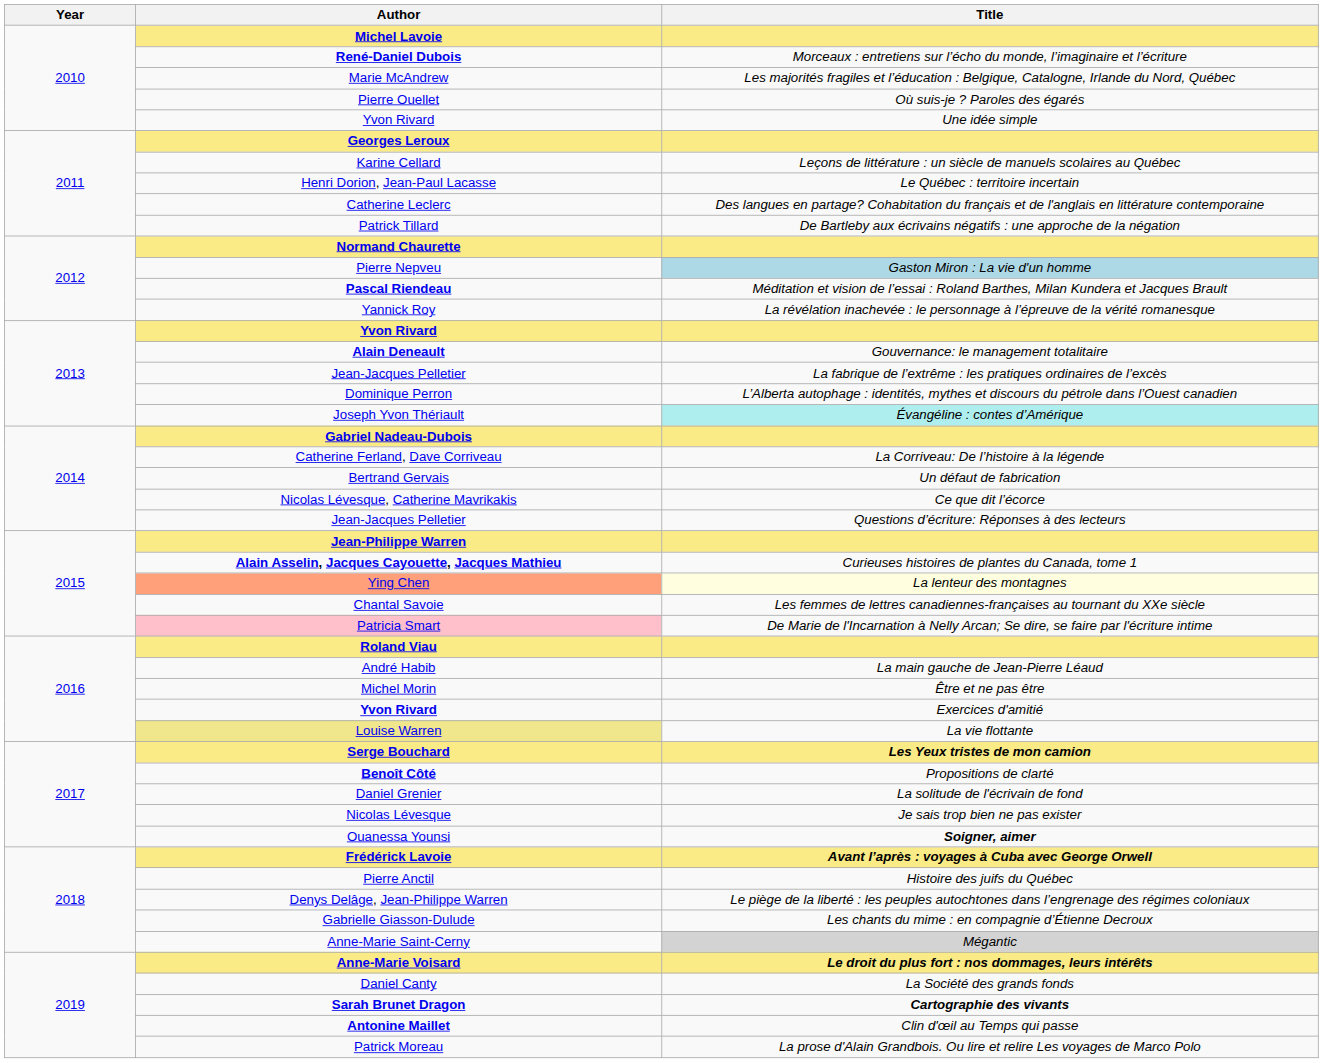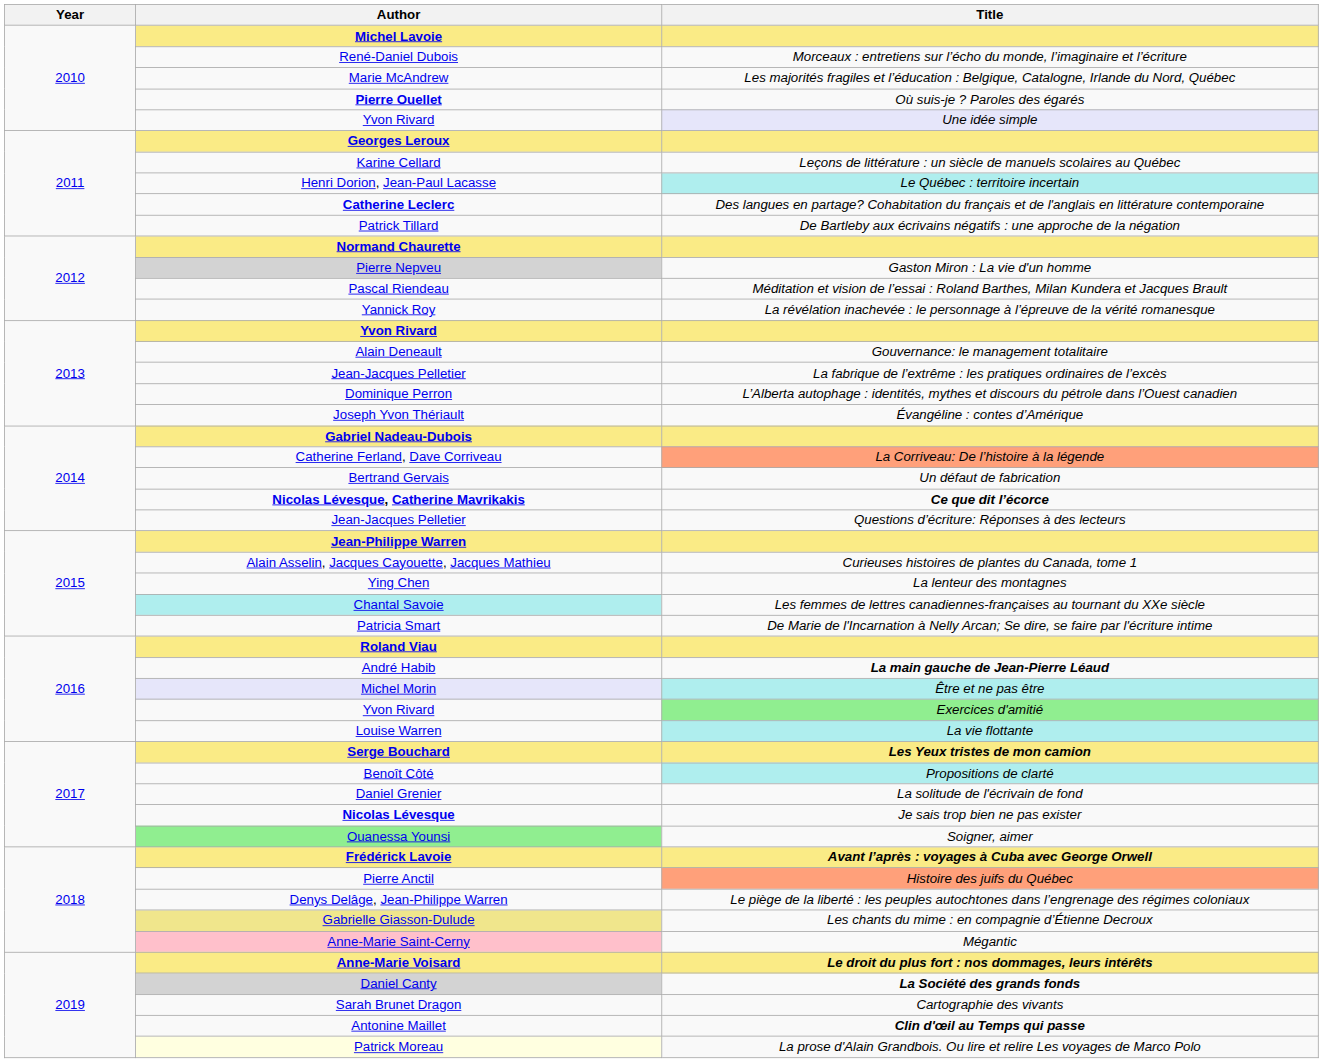 <table class="wikitable" width="100%">
 <tr>
 <th>Year</th>
 <th width="40%">Author</th>
 <th width="50%">Title</th>
 </tr>
 <tr>
 <td align="center" rowspan="5"><a href='#'>2010</a></td>
 <td align="center" style="background:#FAEB86"><strong><a href='#'>Michel Lavoie</a></strong></td>
 <td align="center" style="background:#FAEB86"><strong><em></em></strong></td>
 </tr>
 <tr>
-<td align="center"><strong><a href='#'>René-Daniel Dubois</a></strong></td>
+<td align="center"><a href='#'>René-Daniel Dubois</a></td>
 <td align="center"><em>Morceaux : entretiens sur l’écho du monde, l’imaginaire et l’écriture</em></td>
 </tr>
 <tr>
 <td align="center"><a href='#'>Marie McAndrew</a></td>
 <td align="center"><em>Les majorités fragiles et l’éducation : Belgique, Catalogne, Irlande du Nord, Québec</em></td>
 </tr>
 <tr>
-<td align="center"><a href='#'>Pierre Ouellet</a></td>
+<td align="center"><strong><a href='#'>Pierre Ouellet</a></strong></td>
 <td align="center"><em>Où suis-je ? Paroles des égarés</em></td>
 </tr>
 <tr>
 <td align="center"><a href='#'>Yvon Rivard</a></td>
-<td align="center"><em>Une idée simple</em></td>
+<td align="center" style="background: lavender;"><em>Une idée simple</em></td>
 </tr>
 <tr>
 <td align="center" rowspan="5"><a href='#'>2011</a></td>
 <td align="center" style="background:#FAEB86"><strong><a href='#'>Georges Leroux</a></strong></td>
 <td align="center" style="background:#FAEB86"><strong><em></em></strong></td>
 </tr>
 <tr>
 <td align="center"><a href='#'>Karine Cellard</a></td>
 <td align="center"><em>Leçons de littérature : un siècle de manuels scolaires au Québec</em></td>
 </tr>
 <tr>
 <td align="center"><a href='#'>Henri Dorion</a>, <a href='#'>Jean-Paul Lacasse</a></td>
-<td align="center"><em>Le Québec : territoire incertain</em></td>
+<td align="center" style="background: paleturquoise;"><em>Le Québec : territoire incertain</em></td>
 </tr>
 <tr>
-<td align="center"><a href='#'>Catherine Leclerc</a></td>
+<td align="center"><strong><a href='#'>Catherine Leclerc</a></strong></td>
 <td align="center"><em>Des langues en partage? Cohabitation du français et de l'anglais en littérature contemporaine</em></td>
 </tr>
 <tr>
 <td align="center"><a href='#'>Patrick Tillard</a></td>
 <td align="center"><em>De Bartleby aux écrivains négatifs : une approche de la négation</em></td>
 </tr>
 <tr>
 <td align="center" rowspan="4"><a href='#'>2012</a></td>
 <td align="center" style="background:#FAEB86"><strong><a href='#'>Normand Chaurette</a></strong></td>
 <td align="center" style="background:#FAEB86"><strong></strong></td>
 </tr>
 <tr>
-<td align="center"><a href='#'>Pierre Nepveu</a></td>
-<td align="center" style="background: lightblue;"><em>Gaston Miron : La vie d'un homme</em></td>
+<td align="center" style="background: lightgrey;"><a href='#'>Pierre Nepveu</a></td>
+<td align="center"><em>Gaston Miron : La vie d'un homme</em></td>
 </tr>
 <tr>
-<td align="center"><strong><a href='#'>Pascal Riendeau</a></strong></td>
+<td align="center"><a href='#'>Pascal Riendeau</a></td>
 <td align="center"><em>Méditation et vision de l’essai : Roland Barthes, Milan Kundera et Jacques Brault</em></td>
 </tr>
 <tr>
 <td align="center"><a href='#'>Yannick Roy</a></td>
 <td align="center"><em>La révélation inachevée : le personnage à l’épreuve de la vérité romanesque</em></td>
 </tr>
 <tr>
 <td align="center" rowspan="5"><a href='#'>2013</a></td>
 <td align="center" style="background:#FAEB86"><strong><a href='#'>Yvon Rivard</a></strong></td>
 <td align="center" style="background:#FAEB86"><strong></strong></td>
 </tr>
 <tr>
-<td align="center"><strong><a href='#'>Alain Deneault</a></strong></td>
+<td align="center"><a href='#'>Alain Deneault</a></td>
 <td align="center"><em>Gouvernance: le management totalitaire</em></td>
 </tr>
 <tr>
 <td align="center"><a href='#'>Jean-Jacques Pelletier</a></td>
 <td align="center"><em>La fabrique de l’extrême : les pratiques ordinaires de l’excès</em></td>
 </tr>
 <tr>
 <td align="center"><a href='#'>Dominique Perron</a></td>
 <td align="center"><em>L’Alberta autophage : identités, mythes et discours du pétrole dans l’Ouest canadien</em></td>
 </tr>
 <tr>
 <td align="center"><a href='#'>Joseph Yvon Thériault</a></td>
-<td align="center" style="background: paleturquoise;"><em>Évangéline : contes d’Amérique</em></td>
+<td align="center"><em>Évangéline : contes d’Amérique</em></td>
 </tr>
 <tr>
 <td align="center" rowspan="5"><a href='#'>2014</a></td>
 <td align="center" style="background:#FAEB86"><strong><a href='#'>Gabriel Nadeau-Dubois</a></strong></td>
 <td align="center" style="background:#FAEB86"><strong></strong></td>
 </tr>
 <tr>
 <td align="center"><a href='#'>Catherine Ferland</a>, <a href='#'>Dave Corriveau</a></td>
-<td align="center"><em>La Corriveau: De l’histoire à la légende</em></td>
+<td align="center" style="background: lightsalmon;"><em>La Corriveau: De l’histoire à la légende</em></td>
 </tr>
 <tr>
 <td align="center"><a href='#'>Bertrand Gervais</a></td>
 <td align="center"><em>Un défaut de fabrication</em></td>
 </tr>
 <tr>
-<td align="center"><a href='#'>Nicolas Lévesque</a>, <a href='#'>Catherine Mavrikakis</a></td>
-<td align="center"><em>Ce que dit l’écorce</em></td>
+<td align="center"><strong><a href='#'>Nicolas Lévesque</a>, <a href='#'>Catherine Mavrikakis</a></strong></td>
+<td align="center"><strong><em>Ce que dit l’écorce</em></strong></td>
 </tr>
 <tr>
 <td align="center"><a href='#'>Jean-Jacques Pelletier</a></td>
 <td align="center"><em>Questions d’écriture: Réponses à des lecteurs</em></td>
 </tr>
 <tr>
 <td align="center" rowspan="5"><a href='#'>2015</a></td>
 <td align="center" style="background:#FAEB86"><strong><a href='#'>Jean-Philippe Warren</a></strong></td>
 <td align="center" style="background:#FAEB86"><strong></strong></td>
 </tr>
 <tr>
-<td align="center"><strong><a href='#'>Alain Asselin</a>, <a href='#'>Jacques Cayouette</a>, <a href='#'>Jacques Mathieu</a></strong></td>
+<td align="center"><a href='#'>Alain Asselin</a>, <a href='#'>Jacques Cayouette</a>, <a href='#'>Jacques Mathieu</a></td>
 <td align="center"><em>Curieuses histoires de plantes du Canada, tome 1</em></td>
 </tr>
 <tr>
-<td align="center" style="background: lightsalmon;"><a href='#'>Ying Chen</a></td>
-<td align="center" style="background: lightyellow;"><em>La lenteur des montagnes</em></td>
+<td align="center"><a href='#'>Ying Chen</a></td>
+<td align="center"><em>La lenteur des montagnes</em></td>
 </tr>
 <tr>
-<td align="center"><a href='#'>Chantal Savoie</a></td>
+<td align="center" style="background: paleturquoise;"><a href='#'>Chantal Savoie</a></td>
 <td align="center"><em>Les femmes de lettres canadiennes-françaises au tournant du XXe siècle</em></td>
 </tr>
 <tr>
-<td align="center" style="background: pink;"><a href='#'>Patricia Smart</a></td>
+<td align="center"><a href='#'>Patricia Smart</a></td>
 <td align="center"><em>De Marie de l'Incarnation à Nelly Arcan; Se dire, se faire par l'écriture intime</em></td>
 </tr>
 <tr>
 <td align="center" rowspan="5"><a href='#'>2016</a></td>
 <td align="center" style="background:#FAEB86"><strong><a href='#'>Roland Viau</a></strong></td>
 <td align="center" style="background:#FAEB86"><strong></strong></td>
 </tr>
 <tr>
 <td align="center"><a href='#'>André Habib</a></td>
-<td align="center"><em>La main gauche de Jean-Pierre Léaud</em></td>
+<td align="center"><strong><em>La main gauche de Jean-Pierre Léaud</em></strong></td>
 </tr>
 <tr>
-<td align="center"><a href='#'>Michel Morin</a></td>
-<td align="center"><em>Être et ne pas être</em></td>
+<td align="center" style="background: lavender;"><a href='#'>Michel Morin</a></td>
+<td align="center" style="background: paleturquoise;"><em>Être et ne pas être</em></td>
 </tr>
 <tr>
-<td align="center"><strong><a href='#'>Yvon Rivard</a></strong></td>
-<td align="center"><em>Exercices d'amitié</em></td>
+<td align="center"><a href='#'>Yvon Rivard</a></td>
+<td align="center" style="background: lightgreen;"><em>Exercices d'amitié</em></td>
 </tr>
 <tr>
-<td align="center" style="background: khaki;"><a href='#'>Louise Warren</a></td>
-<td align="center"><em>La vie flottante</em></td>
+<td align="center"><a href='#'>Louise Warren</a></td>
+<td align="center" style="background: paleturquoise;"><em>La vie flottante</em></td>
 </tr>
 <tr>
 <td align="center" rowspan="5"><a href='#'>2017</a></td>
 <td align="center"  style="background:#FAEB86"><strong><a href='#'>Serge Bouchard</a></strong></td>
 <td align="center"  style="background:#FAEB86"><strong><em>Les Yeux tristes de mon camion</em></strong></td>
 </tr>
 <tr>
-<td align="center"><strong><a href='#'>Benoît Côté</a></strong></td>
-<td align="center"><em>Propositions de clarté</em></td>
+<td align="center"><a href='#'>Benoît Côté</a></td>
+<td align="center" style="background: paleturquoise;"><em>Propositions de clarté</em></td>
 </tr>
 <tr>
 <td align="center"><a href='#'>Daniel Grenier</a></td>
 <td align="center"><em>La solitude de l'écrivain de fond</em></td>
 </tr>
 <tr>
-<td align="center"><a href='#'>Nicolas Lévesque</a></td>
+<td align="center"><strong><a href='#'>Nicolas Lévesque</a></strong></td>
 <td align="center"><em>Je sais trop bien ne pas exister</em></td>
 </tr>
 <tr>
-<td align="center"><a href='#'>Ouanessa Younsi</a></td>
-<td align="center"><strong><em>Soigner, aimer</em></strong></td>
+<td align="center" style="background: lightgreen;"><a href='#'>Ouanessa Younsi</a></td>
+<td align="center"><em>Soigner, aimer</em></td>
 </tr>
 <tr>
 <td align="center" rowspan="5"><a href='#'>2018</a></td>
 <td align="center"  style="background:#FAEB86"><strong><a href='#'>Frédérick Lavoie</a></strong></td>
 <td align="center"  style="background:#FAEB86"><strong><em>Avant l’après : voyages à Cuba avec George Orwell</em></strong></td>
 </tr>
 <tr>
 <td align="center"><a href='#'>Pierre Anctil</a></td>
-<td align="center"><em>Histoire des juifs du Québec</em></td>
+<td align="center" style="background: lightsalmon;"><em>Histoire des juifs du Québec</em></td>
 </tr>
 <tr>
 <td align="center"><a href='#'>Denys Delâge</a>, <a href='#'>Jean-Philippe Warren</a></td>
 <td align="center"><em>Le piège de la liberté : les peuples autochtones dans l’engrenage des régimes coloniaux</em></td>
 </tr>
 <tr>
-<td align="center"><a href='#'>Gabrielle Giasson-Dulude</a></td>
+<td align="center" style="background: khaki;"><a href='#'>Gabrielle Giasson-Dulude</a></td>
 <td align="center"><em>Les chants du mime : en compagnie d’Étienne Decroux</em></td>
 </tr>
 <tr>
-<td align="center"><a href='#'>Anne-Marie Saint-Cerny</a></td>
-<td align="center" style="background: lightgrey;"><em>Mégantic</em></td>
+<td align="center" style="background: pink;"><a href='#'>Anne-Marie Saint-Cerny</a></td>
+<td align="center"><em>Mégantic</em></td>
 </tr>
 <tr>
 <td align="center" rowspan="5"><a href='#'>2019</a></td>
 <td align="center"  style="background:#FAEB86"><strong><a href='#'>Anne-Marie Voisard</a></strong></td>
 <td align="center"  style="background:#FAEB86"><strong><em>Le droit du plus fort : nos dommages, leurs intérêts</em></strong></td>
 </tr>
 <tr>
-<td align="center"><a href='#'>Daniel Canty</a></td>
-<td align="center"><em>La Société des grands fonds</em></td>
+<td align="center" style="background: lightgrey;"><a href='#'>Daniel Canty</a></td>
+<td align="center"><strong><em>La Société des grands fonds</em></strong></td>
 </tr>
 <tr>
-<td align="center"><strong><a href='#'>Sarah Brunet Dragon</a></strong></td>
-<td align="center"><strong><em>Cartographie des vivants</em></strong></td>
+<td align="center"><a href='#'>Sarah Brunet Dragon</a></td>
+<td align="center"><em>Cartographie des vivants</em></td>
 </tr>
 <tr>
-<td align="center"><strong><a href='#'>Antonine Maillet</a></strong></td>
-<td align="center"><em>Clin d'œil au Temps qui passe</em></td>
+<td align="center"><a href='#'>Antonine Maillet</a></td>
+<td align="center"><strong><em>Clin d'œil au Temps qui passe</em></strong></td>
 </tr>
 <tr>
-<td align="center"><a href='#'>Patrick Moreau</a></td>
+<td align="center" style="background: lightyellow;"><a href='#'>Patrick Moreau</a></td>
 <td align="center"><em>La prose d'Alain Grandbois. Ou lire et relire Les voyages de Marco Polo</em></td>
 </tr>
 </table>
